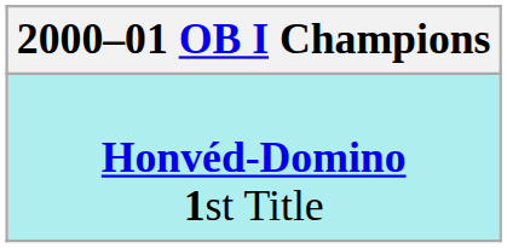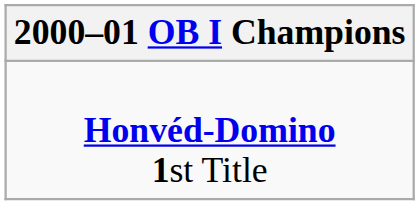 <table class=wikitable style="text-align:center; margin:auto">
 <tr>
 <th>2000–01 <a href='#'>OB I</a> Champions</th>
 </tr>
 <tr>
-<td style="background: paleturquoise;"><br><strong><a href='#'>Honvéd-Domino</a></strong><br><strong>1</strong>st Title</td>
+<td><br><strong><a href='#'>Honvéd-Domino</a></strong><br><strong>1</strong>st Title</td>
 </tr>
 </table>
